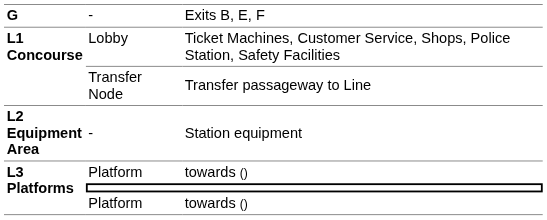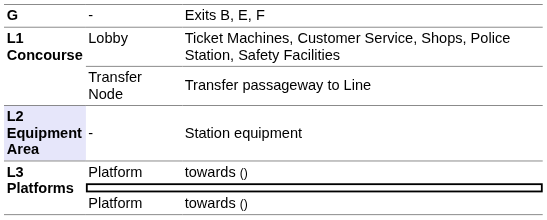 <table table border=0 cellspacing=0 cellpadding=3>
 <tr>
 <td style="vertical-align:top; border-bottom:solid 0 gray; border-top:solid 1px gray; width:50px;"><strong>G</strong></td>
 <td style="vertical-align:top; border-bottom:solid 0 gray; border-top:solid 1px gray; width:100px;">-</td>
 <td style="vertical-align:top; border-bottom:solid 0 gray; border-top:solid 1px gray; width:390px;">Exits B, E, F</td>
 </tr>
 <tr style="vertical-align:top;">
 <td style="border-bottom:solid 0 gray; border-top:solid 1px gray;" rowspan=2><strong>L1<br>Concourse</strong></td>
 <td style="border-bottom:solid 0 gray; border-top:solid 1px gray;">Lobby</td>
 <td style="border-bottom:solid 0 gray; border-top:solid 1px gray;">Ticket Machines, Customer Service, Shops, Police Station, Safety Facilities</td>
 </tr>
 <tr>
 <td style="border-bottom:solid 0 gray; border-top:solid 1px gray;">Transfer Node</td>
 <td style="border-bottom:solid 0 gray; border-top:solid 1px gray;">Transfer passageway to Line </td>
 </tr>
 <tr>
-<td style="border-top:solid 1px gray;"><strong>L2<br>Equipment Area</strong></td>
+<td style="background: lavender; border-top:solid 1px gray;"><strong>L2<br>Equipment Area</strong></td>
 <td style=" border-top:solid 1px gray;">-</td>
 <td style="border-top:solid 1px gray;">Station equipment</td>
 </tr>
 <tr>
 <td style="vertical-align:top; border-bottom:solid 1px gray; border-top:solid 1px gray; width:50px;" rowspan="3"><strong>L3<br>Platforms</strong></td>
 <td style="border-top:solid 1px gray;">Platform </td>
 <td style="border-top:solid 1px gray;">  towards  <small>()</small></td>
 </tr>
 <tr>
 <td style="border-top:solid 2px black;border-right:solid 2px black;border-left:solid 2px black;border-bottom:solid 2px black;text-align:center;" colspan=2></td>
 </tr>
 <tr>
 <td style="border-bottom:solid 1px gray;">Platform </td>
 <td style="border-bottom:solid 1px gray;"> towards  <small>()</small> </td>
 </tr>
 </table>
